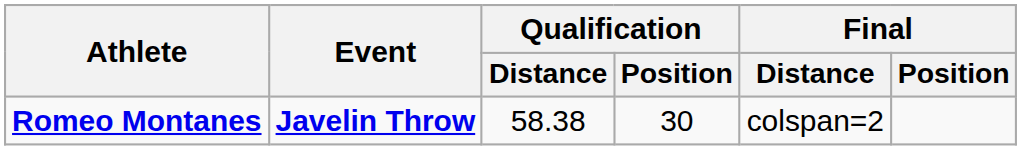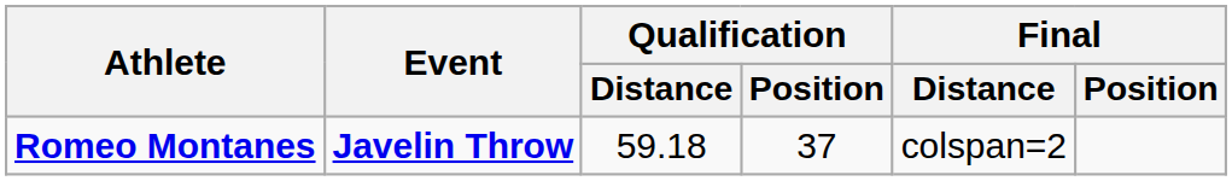 <table class=wikitable style=font-size:90%>
 <tr>
 <th rowspan=2>Athlete</th>
 <th rowspan=2>Event</th>
 <th colspan=2>Qualification</th>
 <th colspan=2>Final</th>
 </tr>
 <tr style=font-size:95%>
 <th>Distance</th>
 <th>Position</th>
 <th>Distance</th>
 <th>Position</th>
 </tr>
 <tr align=center>
 <td align=left><strong><a href='#'>Romeo Montanes</a></strong></td>
 <td align=left><strong><a href='#'>Javelin Throw</a></strong></td>
-<td>58.38</td>
-<td>30</td>
+<td>59.18</td>
+<td>37</td>
 <td>colspan=2 </td>
 </tr>
 </table>
